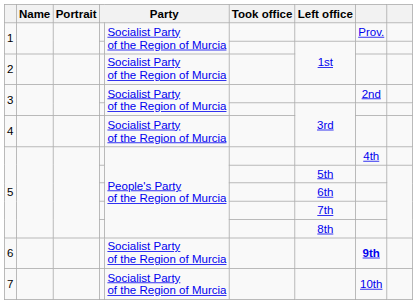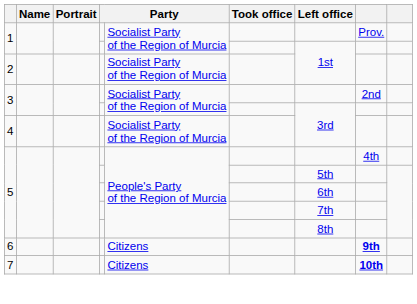 <table class="wikitable plainrowheaders sortable" style="font-size:90%; text-align:left;">
 <tr>
 <th scope=col></th>
 <th scope=col>Name</th>
 <th scope=col class=unsortable>Portrait</th>
 <th scope=col colspan="2">Party</th>
 <th scope=col>Took office</th>
 <th scope=col>Left office</th>
 <th scope=col></th>
 <th scope=col width=25px class=unsortable></th>
 </tr>
 <tr>
 <td rowspan=2>1</td>
 <td style="white-space: nowrap;" rowspan=2></td>
 <td align=center rowspan=2></td>
 <td !align="center" style="background:"></td>
 <td rowspan=2><a href='#'>Socialist Party<br>of the Region of Murcia</a></td>
 <td align=center></td>
 <td align=center></td>
 <td align=center><a href='#'>Prov.</a></td>
 <td align=center></td>
 </tr>
 <tr>
 <td align=center></td>
 <td align=center></td>
 <td align=center rowspan=2><a href='#'>1st</a></td>
 <td align=center></td>
 </tr>
 <tr>
 <td>2</td>
 <td style="white-space: nowrap;"></td>
 <td align=center></td>
 <td !align="center" style="background:"></td>
 <td><a href='#'>Socialist Party<br>of the Region of Murcia</a></td>
 <td align=center></td>
 <td align=center></td>
 <td align=center></td>
 </tr>
 <tr>
 <td rowspan=2>3</td>
 <td style="white-space: nowrap;" rowspan=2></td>
 <td align=center rowspan=2></td>
 <td !align="center" style="background:"></td>
 <td rowspan=2><a href='#'>Socialist Party<br>of the Region of Murcia</a></td>
 <td align=center></td>
 <td align=center></td>
 <td align=center><a href='#'>2nd</a></td>
 <td align=center></td>
 </tr>
 <tr>
 <td align=center></td>
 <td align=center></td>
 <td align=center rowspan=2><a href='#'>3rd</a></td>
 <td align=center></td>
 </tr>
 <tr>
 <td>4</td>
 <td style="white-space: nowrap;"></td>
 <td align=center></td>
 <td !align="center" style="background:"></td>
 <td><a href='#'>Socialist Party<br>of the Region of Murcia</a></td>
 <td align=center></td>
 <td align=center></td>
 <td align=center></td>
 </tr>
 <tr>
 <td rowspan=5>5</td>
 <td style="white-space: nowrap;" rowspan=5></td>
 <td align=center rowspan=5></td>
 <td !align="center" style="background:"></td>
 <td rowspan=5><a href='#'>People's Party<br>of the Region of Murcia</a></td>
 <td align=center></td>
 <td align=center></td>
 <td align=center><a href='#'>4th</a></td>
 <td align=center></td>
 </tr>
 <tr>
 <td align=center></td>
 <td align=center></td>
 <td align=center><a href='#'>5th</a></td>
 <td align=center></td>
 </tr>
 <tr>
 <td align=center></td>
 <td align=center></td>
 <td align=center><a href='#'>6th</a></td>
 <td align=center></td>
 </tr>
 <tr>
 <td align=center></td>
 <td align=center></td>
 <td align=center><a href='#'>7th</a></td>
 <td align=center></td>
 </tr>
 <tr>
 <td align=center></td>
 <td align=center></td>
 <td align=center><a href='#'>8th</a></td>
 <td align=center></td>
 </tr>
 <tr>
 <td>6</td>
 <td style="white-space: nowrap;"></td>
 <td align=center></td>
 <td !align="center" style="background:"></td>
-<td><a href='#'>Socialist Party<br>of the Region of Murcia</a></td>
+<td><a href='#'>Citizens</a></td>
 <td align=center></td>
 <td align=center></td>
 <td align=center><strong><a href='#'>9th</a></strong></td>
 <td align=center></td>
 </tr>
 <tr>
 <td>7</td>
 <td style="white-space: nowrap;"></td>
 <td align=center></td>
 <td !align="center" style="background:"></td>
-<td><a href='#'>Socialist Party<br>of the Region of Murcia</a></td>
+<td><a href='#'>Citizens</a></td>
 <td align=center></td>
 <td></td>
-<td align=center><a href='#'>10th</a></td>
+<td align=center><strong><a href='#'>10th</a></strong></td>
 <td align=center></td>
 </tr>
 </table>
